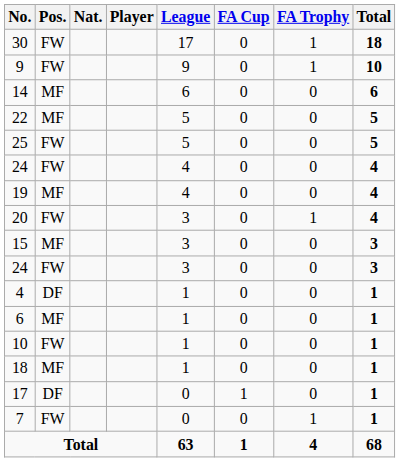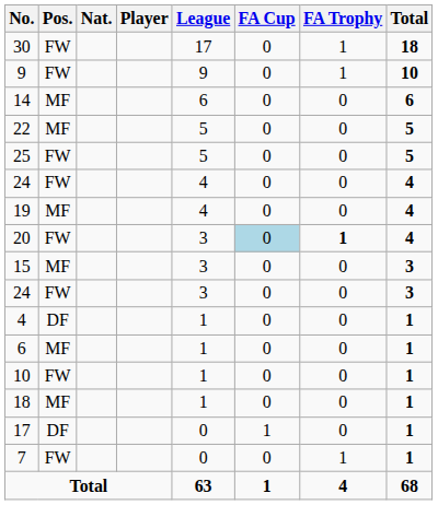 <table class="wikitable sortable" style="text-align:center">
 <tr>
 <th>No.</th>
 <th>Pos.</th>
 <th>Nat.</th>
 <th>Player</th>
 <th><a href='#'>League</a></th>
 <th><a href='#'>FA Cup</a></th>
 <th><a href='#'>FA Trophy</a></th>
 <th>Total</th>
 </tr>
 <tr>
 <td>30</td>
 <td>FW</td>
 <td></td>
 <td align=left></td>
 <td>17</td>
 <td>0</td>
 <td>1</td>
 <td><strong>18</strong></td>
 </tr>
 <tr>
 <td>9</td>
 <td>FW</td>
 <td></td>
 <td align=left></td>
 <td>9</td>
 <td>0</td>
 <td>1</td>
 <td><strong>10</strong></td>
 </tr>
 <tr>
 <td>14</td>
 <td>MF</td>
 <td></td>
 <td align=left></td>
 <td>6</td>
 <td>0</td>
 <td>0</td>
 <td><strong>6</strong></td>
 </tr>
 <tr>
 <td>22</td>
 <td>MF</td>
 <td></td>
 <td align=left></td>
 <td>5</td>
 <td>0</td>
 <td>0</td>
 <td><strong>5</strong></td>
 </tr>
 <tr>
 <td>25</td>
 <td>FW</td>
 <td></td>
 <td align=left></td>
 <td>5</td>
 <td>0</td>
 <td>0</td>
 <td><strong>5</strong></td>
 </tr>
 <tr>
 <td>24</td>
 <td>FW</td>
 <td></td>
 <td align=left></td>
 <td>4</td>
 <td>0</td>
 <td>0</td>
 <td><strong>4</strong></td>
 </tr>
 <tr>
 <td>19</td>
 <td>MF</td>
 <td></td>
 <td align=left></td>
 <td>4</td>
 <td>0</td>
 <td>0</td>
 <td><strong>4</strong></td>
 </tr>
 <tr>
 <td>20</td>
 <td>FW</td>
 <td></td>
 <td align=left></td>
 <td>3</td>
-<td>0</td>
-<td>1</td>
+<td style="background: lightblue;">0</td>
+<td><strong>1</strong></td>
 <td><strong>4</strong></td>
 </tr>
 <tr>
 <td>15</td>
 <td>MF</td>
 <td></td>
 <td align=left></td>
 <td>3</td>
 <td>0</td>
 <td>0</td>
 <td><strong>3</strong></td>
 </tr>
 <tr>
 <td>24</td>
 <td>FW</td>
 <td></td>
 <td align=left></td>
 <td>3</td>
 <td>0</td>
 <td>0</td>
 <td><strong>3</strong></td>
 </tr>
 <tr>
 <td>4</td>
 <td>DF</td>
 <td></td>
 <td align=left></td>
 <td>1</td>
 <td>0</td>
 <td>0</td>
 <td><strong>1</strong></td>
 </tr>
 <tr>
 <td>6</td>
 <td>MF</td>
 <td></td>
 <td align=left></td>
 <td>1</td>
 <td>0</td>
 <td>0</td>
 <td><strong>1</strong></td>
 </tr>
 <tr>
 <td>10</td>
 <td>FW</td>
 <td></td>
 <td align=left></td>
 <td>1</td>
 <td>0</td>
 <td>0</td>
 <td><strong>1</strong></td>
 </tr>
 <tr>
 <td>18</td>
 <td>MF</td>
 <td></td>
 <td align=left></td>
 <td>1</td>
 <td>0</td>
 <td>0</td>
 <td><strong>1</strong></td>
 </tr>
 <tr>
 <td>17</td>
 <td>DF</td>
 <td></td>
 <td align=left></td>
 <td>0</td>
 <td>1</td>
 <td>0</td>
 <td><strong>1</strong></td>
 </tr>
 <tr>
 <td>7</td>
 <td>FW</td>
 <td></td>
 <td align=left></td>
 <td>0</td>
 <td>0</td>
 <td>1</td>
 <td><strong>1</strong></td>
 </tr>
 <tr class="sortbottom">
 <td colspan=4><strong>Total</strong></td>
 <td colspan=1><strong>63</strong></td>
 <td colspan=1><strong>1</strong></td>
 <td colspan=1><strong>4</strong></td>
 <td colspan=1><strong>68</strong></td>
 </tr>
 </table>
